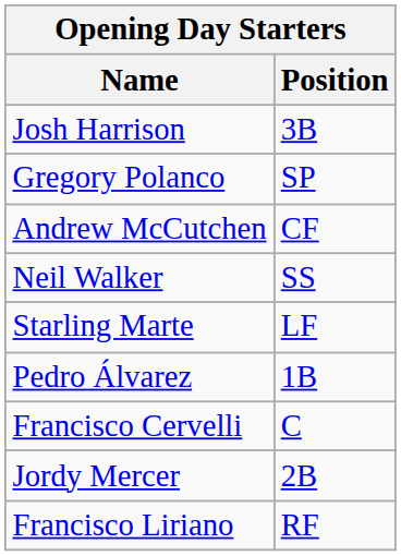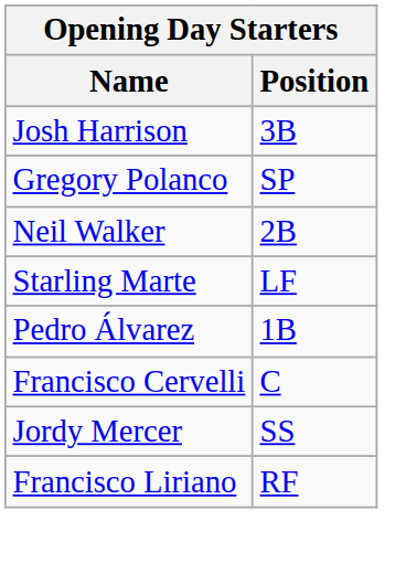 <table class="wikitable" style="text-align:left">
 <tr>
 <th colspan="2">Opening Day Starters</th>
 </tr>
 <tr>
 <th>Name</th>
 <th>Position</th>
 </tr>
 <tr>
 <td><a href='#'>Josh Harrison</a></td>
 <td><a href='#'>3B</a></td>
 </tr>
 <tr>
 <td><a href='#'>Gregory Polanco</a></td>
 <td><a href='#'>SP</a></td>
 </tr>
 <tr>
-<td><a href='#'>Andrew McCutchen</a></td>
-<td><a href='#'>CF</a></td>
-</tr>
-<tr>
 <td><a href='#'>Neil Walker</a></td>
-<td><a href='#'>SS</a></td>
+<td><a href='#'>2B</a></td>
 </tr>
 <tr>
 <td><a href='#'>Starling Marte</a></td>
 <td><a href='#'>LF</a></td>
 </tr>
 <tr>
 <td><a href='#'>Pedro Álvarez</a></td>
 <td><a href='#'>1B</a></td>
 </tr>
 <tr>
 <td><a href='#'>Francisco Cervelli</a></td>
 <td><a href='#'>C</a></td>
 </tr>
 <tr>
 <td><a href='#'>Jordy Mercer</a></td>
-<td><a href='#'>2B</a></td>
+<td><a href='#'>SS</a></td>
 </tr>
 <tr>
 <td><a href='#'>Francisco Liriano</a></td>
 <td><a href='#'>RF</a></td>
 </tr>
 </table>
